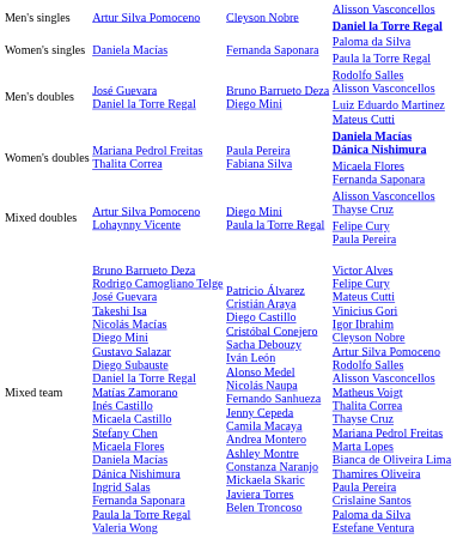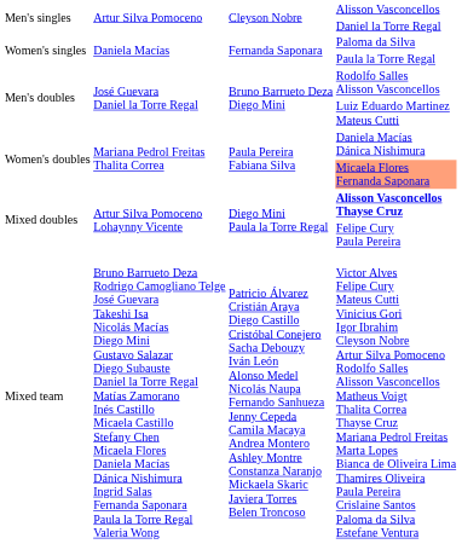 <table>
 <tr>
 <td rowspan="2">Men's singles</td>
 <td rowspan="2"> <a href='#'>Artur Silva Pomoceno</a></td>
 <td rowspan="2"> <a href='#'>Cleyson Nobre</a></td>
 <td> <a href='#'>Alisson Vasconcellos</a></td>
 </tr>
 <tr>
-<td><strong> <a href='#'>Daniel la Torre Regal</a></strong></td>
+<td> <a href='#'>Daniel la Torre Regal</a></td>
 </tr>
 <tr>
 <td rowspan="2">Women's singles</td>
 <td rowspan="2"> <a href='#'>Daniela Macías</a></td>
 <td rowspan="2"> <a href='#'>Fernanda Saponara</a></td>
 <td> <a href='#'>Paloma da Silva</a></td>
 </tr>
 <tr>
 <td> <a href='#'>Paula la Torre Regal</a></td>
 </tr>
 <tr>
 <td rowspan="2">Men's doubles</td>
 <td rowspan="2"> <a href='#'>José Guevara</a><br> <a href='#'>Daniel la Torre Regal</a></td>
 <td rowspan="2"> <a href='#'>Bruno Barrueto Deza</a><br> <a href='#'>Diego Mini</a></td>
 <td> <a href='#'>Rodolfo Salles</a><br> <a href='#'>Alisson Vasconcellos</a></td>
 </tr>
 <tr>
 <td> <a href='#'>Luiz Eduardo Martinez</a><br> <a href='#'>Mateus Cutti</a></td>
 </tr>
 <tr>
 <td rowspan="2">Women's doubles</td>
 <td rowspan="2"> <a href='#'>Mariana Pedrol Freitas</a><br> <a href='#'>Thalita Correa</a></td>
 <td rowspan="2"> <a href='#'>Paula Pereira</a><br> <a href='#'>Fabiana Silva</a></td>
-<td><strong> <a href='#'>Daniela Macías</a><br> <a href='#'>Dánica Nishimura</a></strong></td>
+<td> <a href='#'>Daniela Macías</a><br> <a href='#'>Dánica Nishimura</a></td>
 </tr>
 <tr>
-<td> <a href='#'>Micaela Flores</a><br> <a href='#'>Fernanda Saponara</a></td>
+<td style="background: lightsalmon;"> <a href='#'>Micaela Flores</a><br> <a href='#'>Fernanda Saponara</a></td>
 </tr>
 <tr>
 <td rowspan="2">Mixed doubles</td>
 <td rowspan="2"> <a href='#'>Artur Silva Pomoceno</a><br> <a href='#'>Lohaynny Vicente</a></td>
 <td rowspan="2"> <a href='#'>Diego Mini</a><br> <a href='#'>Paula la Torre Regal</a></td>
-<td> <a href='#'>Alisson Vasconcellos</a><br> <a href='#'>Thayse Cruz</a></td>
+<td><strong> <a href='#'>Alisson Vasconcellos</a><br> <a href='#'>Thayse Cruz</a></strong></td>
 </tr>
 <tr>
 <td> <a href='#'>Felipe Cury</a><br> <a href='#'>Paula Pereira</a></td>
 </tr>
 <tr>
 <td>Mixed team</td>
 <td align="left"><br><a href='#'>Bruno Barrueto Deza</a><br><a href='#'>Rodrigo Camogliano Telge</a><br><a href='#'>José Guevara</a><br><a href='#'>Takeshi Isa</a><br><a href='#'>Nicolás Macías</a><br><a href='#'>Diego Mini</a><br><a href='#'>Gustavo Salazar</a><br><a href='#'>Diego Subauste</a><br><a href='#'>Daniel la Torre Regal</a><br><a href='#'>Matías Zamorano</a><br><a href='#'>Inés Castillo</a><br><a href='#'>Micaela Castillo</a><br><a href='#'>Stefany Chen</a><br><a href='#'>Micaela Flores</a><br><a href='#'>Daniela Macías</a><br><a href='#'>Dánica Nishimura</a><br><a href='#'>Ingrid Salas</a><br><a href='#'>Fernanda Saponara</a><br><a href='#'>Paula la Torre Regal</a><br><a href='#'>Valeria Wong</a></td>
 <td align="left"><br><a href='#'>Patricio Álvarez</a><br><a href='#'>Cristián Araya</a><br><a href='#'>Diego Castillo</a><br><a href='#'>Cristóbal Conejero</a><br><a href='#'>Sacha Debouzy</a><br><a href='#'>Iván León</a><br><a href='#'>Alonso Medel</a><br><a href='#'>Nicolás Naupa</a><br><a href='#'>Fernando Sanhueza</a><br><a href='#'>Jenny Cepeda</a><br><a href='#'>Camila Macaya</a><br><a href='#'>Andrea Montero</a><br><a href='#'>Ashley Montre</a><br><a href='#'>Constanza Naranjo</a><br><a href='#'>Mickaela Skaric</a><br><a href='#'>Javiera Torres</a><br><a href='#'>Belen Troncoso</a></td>
 <td align="left"><br><a href='#'>Victor Alves</a><br><a href='#'>Felipe Cury</a><br><a href='#'>Mateus Cutti</a><br><a href='#'>Vinicius Gori</a><br><a href='#'>Igor Ibrahim</a><br><a href='#'>Cleyson Nobre</a><br><a href='#'>Artur Silva Pomoceno</a><br><a href='#'>Rodolfo Salles</a><br><a href='#'>Alisson Vasconcellos</a><br><a href='#'>Matheus Voigt</a><br><a href='#'>Thalita Correa</a><br><a href='#'>Thayse Cruz</a><br><a href='#'>Mariana Pedrol Freitas</a><br><a href='#'>Marta Lopes</a><br><a href='#'>Bianca de Oliveira Lima</a><br><a href='#'>Thamires Oliveira</a><br><a href='#'>Paula Pereira</a><br><a href='#'>Crislaine Santos</a><br><a href='#'>Paloma da Silva</a><br><a href='#'>Estefane Ventura</a></td>
 </tr>
 </table>
